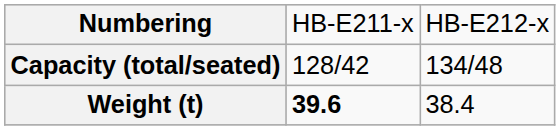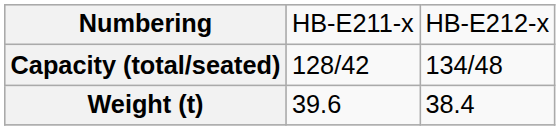 <table class="wikitable">
 <tr>
 <th>Numbering</th>
 <td>HB-E211-x</td>
 <td>HB-E212-x</td>
 </tr>
 <tr>
 <th>Capacity (total/seated)</th>
 <td>128/42</td>
 <td>134/48</td>
 </tr>
 <tr>
 <th>Weight (t)</th>
-<td><strong>39.6</strong></td>
+<td>39.6</td>
 <td>38.4</td>
 </tr>
 </table>
